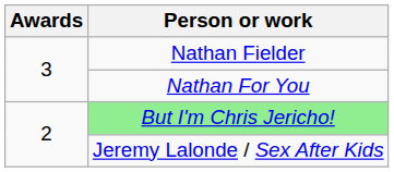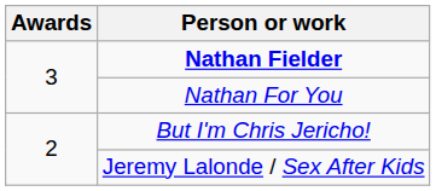 <table class="wikitable sortable" style="text-align:center">
 <tr>
 <th scope="col" style="width:55px;">Awards</th>
 <th scope="col" style="text-align:center;">Person or work</th>
 </tr>
 <tr>
 <td rowspan=2 style="text-align:center">3</td>
-<td><a href='#'>Nathan Fielder</a></td>
+<td><strong><a href='#'>Nathan Fielder</a></strong></td>
 </tr>
 <tr>
 <td><em><a href='#'>Nathan For You</a></em></td>
 </tr>
 <tr>
 <td rowspan=2 style="text-align:center">2</td>
-<td style="background: lightgreen;"><em><a href='#'>But I'm Chris Jericho!</a></em></td>
+<td><em><a href='#'>But I'm Chris Jericho!</a></em></td>
 </tr>
 <tr>
 <td><a href='#'>Jeremy Lalonde</a> / <em><a href='#'>Sex After Kids</a></em></td>
 </tr>
 </table>
